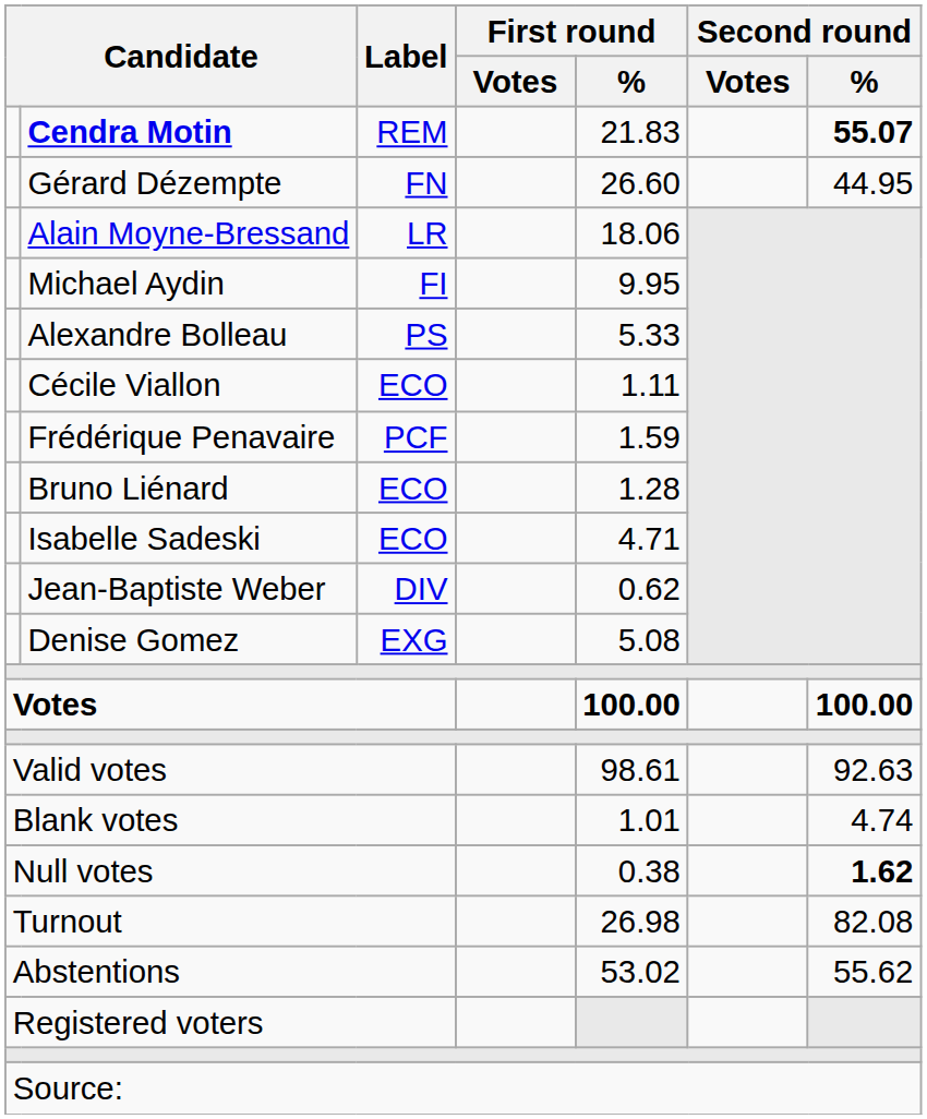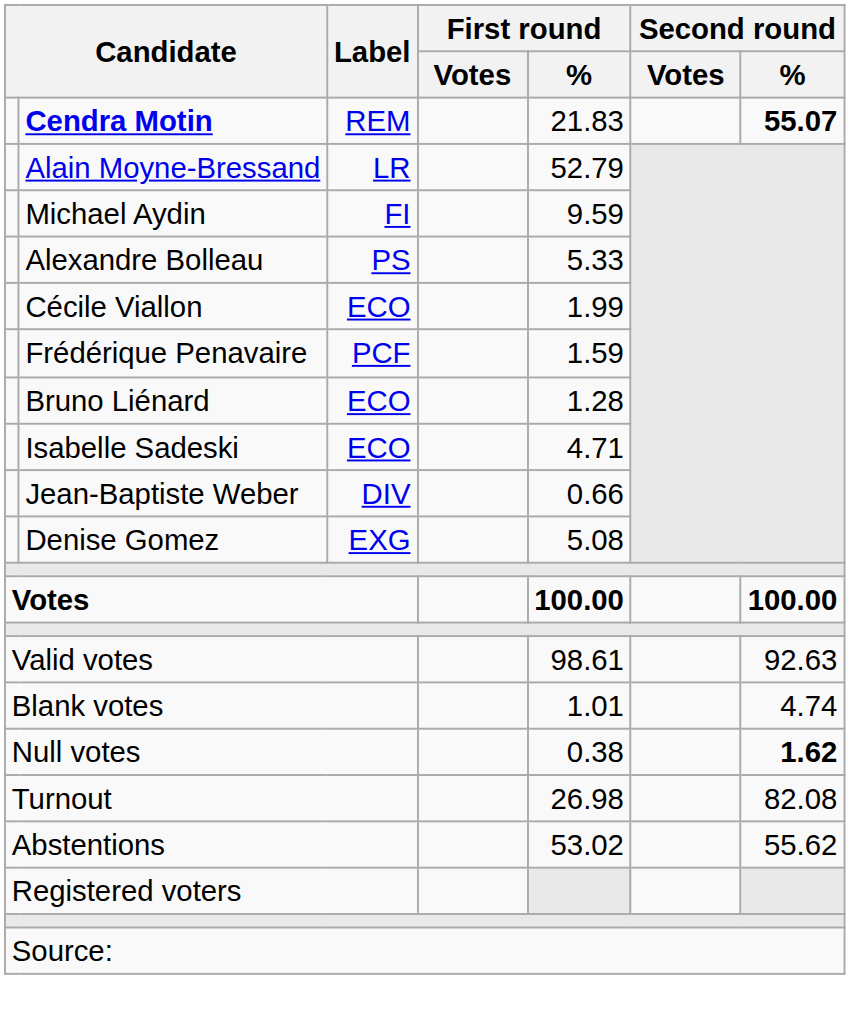 <table class="wikitable" style="text-align:right;font-size:95%;">
 <tr>
 <th rowspan="2" colspan="2">Candidate</th>
 <th rowspan="2">Label</th>
 <th colspan="2">First round</th>
 <th colspan="2">Second round</th>
 </tr>
 <tr>
 <th style="width:50px;">Votes</th>
 <th style="width:45px;">%</th>
 <th style="width:50px;">Votes</th>
 <th style="width:45px;">%</th>
 </tr>
 <tr>
 <td style="color:inherit;background:"></td>
 <td style="text-align:left;"><strong><a href='#'>Cendra Motin</a></strong></td>
 <td><a href='#'>REM</a></td>
 <td></td>
 <td>21.83</td>
 <td><strong></strong></td>
 <td><strong>55.07</strong></td>
 </tr>
 <tr>
 <td style="color:inherit;background:"></td>
-<td style="text-align:left;">Gérard Dézempte</td>
-<td><a href='#'>FN</a></td>
-<td></td>
-<td>26.60</td>
-<td></td>
-<td>44.95</td>
-</tr>
-<tr>
-<td style="color:inherit;background:"></td>
 <td style="text-align:left;"><a href='#'>Alain Moyne-Bressand</a></td>
 <td><a href='#'>LR</a></td>
 <td></td>
-<td>18.06</td>
+<td>52.79</td>
 <td colspan="2" rowspan="9" style="background:#E9E9E9;"></td>
 </tr>
 <tr>
 <td style="color:inherit;background:"></td>
 <td style="text-align:left;">Michael Aydin</td>
 <td><a href='#'>FI</a></td>
 <td></td>
-<td>9.95</td>
+<td>9.59</td>
 </tr>
 <tr>
 <td style="color:inherit;background:"></td>
 <td style="text-align:left;">Alexandre Bolleau</td>
 <td><a href='#'>PS</a></td>
 <td></td>
 <td>5.33</td>
 </tr>
 <tr>
 <td style="color:inherit;background:"></td>
 <td style="text-align:left;">Cécile Viallon</td>
 <td><a href='#'>ECO</a></td>
 <td></td>
-<td>1.11</td>
+<td>1.99</td>
 </tr>
 <tr>
 <td style="color:inherit;background:"></td>
 <td style="text-align:left;">Frédérique Penavaire</td>
 <td><a href='#'>PCF</a></td>
 <td></td>
 <td>1.59</td>
 </tr>
 <tr>
 <td style="color:inherit;background:"></td>
 <td style="text-align:left;">Bruno Liénard</td>
 <td><a href='#'>ECO</a></td>
 <td></td>
 <td>1.28</td>
 </tr>
 <tr>
 <td style="color:inherit;background:"></td>
 <td style="text-align:left;">Isabelle Sadeski</td>
 <td><a href='#'>ECO</a></td>
 <td></td>
 <td>4.71</td>
 </tr>
 <tr>
 <td style="color:inherit;background:"></td>
 <td style="text-align:left;">Jean-Baptiste Weber</td>
 <td><a href='#'>DIV</a></td>
 <td></td>
-<td>0.62</td>
+<td>0.66</td>
 </tr>
 <tr>
 <td style="color:inherit;background:"></td>
 <td style="text-align:left;">Denise Gomez</td>
 <td><a href='#'>EXG</a></td>
 <td></td>
 <td>5.08</td>
 </tr>
 <tr>
 <td colspan="7" style="background:#E9E9E9;"></td>
 </tr>
 <tr style="font-weight:bold;">
 <td colspan="3" style="text-align:left;">Votes</td>
 <td></td>
 <td>100.00</td>
 <td></td>
 <td>100.00</td>
 </tr>
 <tr>
 <td colspan="7" style="background:#E9E9E9;"></td>
 </tr>
 <tr>
 <td colspan="3" style="text-align:left;">Valid votes</td>
 <td></td>
 <td>98.61</td>
 <td></td>
 <td>92.63</td>
 </tr>
 <tr>
 <td colspan="3" style="text-align:left;">Blank votes</td>
 <td></td>
 <td>1.01</td>
 <td></td>
 <td>4.74</td>
 </tr>
 <tr>
 <td colspan="3" style="text-align:left;">Null votes</td>
 <td></td>
 <td>0.38</td>
 <td></td>
 <td><strong>1.62</strong></td>
 </tr>
 <tr>
 <td colspan="3" style="text-align:left;">Turnout</td>
 <td></td>
 <td>26.98</td>
 <td></td>
 <td>82.08</td>
 </tr>
 <tr>
 <td colspan="3" style="text-align:left;">Abstentions</td>
 <td></td>
 <td>53.02</td>
 <td></td>
 <td>55.62</td>
 </tr>
 <tr>
 <td colspan="3" style="text-align:left;">Registered voters</td>
 <td></td>
 <td style="color:inherit;background:#E9E9E9;"></td>
 <td></td>
 <td style="color:inherit;background:#E9E9E9;"></td>
 </tr>
 <tr>
 <td colspan="7" style="background:#E9E9E9;"></td>
 </tr>
 <tr>
 <td colspan="7" style="text-align:left;">Source: </td>
 </tr>
 </table>
